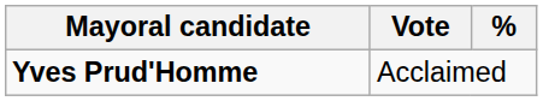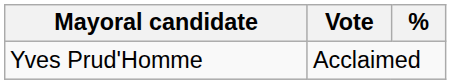 <table class="wikitable">
 <tr>
 <th bgcolor="#DDDDFF" width="200px">Mayoral candidate</th>
 <th bgcolor="#DDDDFF" width="50px">Vote</th>
 <th bgcolor="#DDDDFF"  width="30px">%</th>
 </tr>
 <tr>
-<td><strong>Yves Prud'Homme</strong></td>
+<td>Yves Prud'Homme</td>
 <td colspan="2">Acclaimed</td>
 </tr>
 </table>
